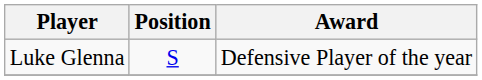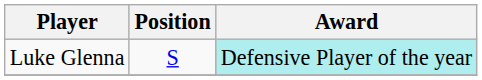 <table class="wikitable">
 <tr>
 <th>Player</th>
 <th>Position</th>
 <th>Award</th>
 </tr>
 <tr>
 <td align="center">Luke Glenna </td>
 <td align="center"><a href='#'>S</a></td>
-<td>Defensive Player of the year</td>
+<td style="background: paleturquoise;">Defensive Player of the year</td>
 </tr>
 <tr>
 </tr>
 </table>
